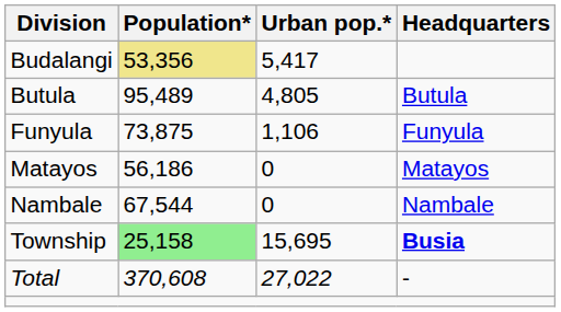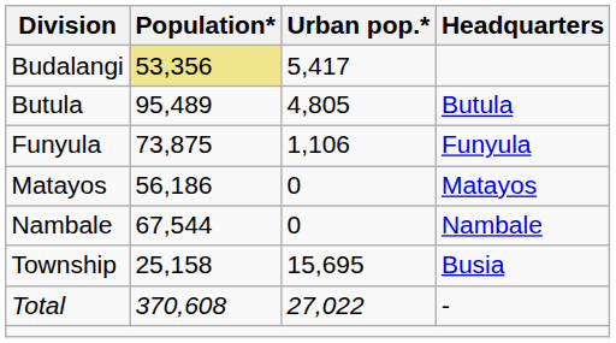 <table class="wikitable">
 <tr>
 <th>Division</th>
 <th>Population*</th>
 <th>Urban pop.*</th>
 <th>Headquarters</th>
 </tr>
 <tr>
 <td>Budalangi</td>
 <td style="background: khaki;">53,356</td>
 <td>5,417</td>
 <td></td>
 </tr>
 <tr>
 <td>Butula</td>
 <td>95,489</td>
 <td>4,805</td>
 <td><a href='#'>Butula</a></td>
 </tr>
 <tr>
 <td>Funyula</td>
 <td>73,875</td>
 <td>1,106</td>
 <td><a href='#'>Funyula</a></td>
 </tr>
 <tr>
 <td>Matayos</td>
 <td>56,186</td>
 <td>0</td>
 <td><a href='#'>Matayos</a></td>
 </tr>
 <tr>
 <td>Nambale</td>
 <td>67,544</td>
 <td>0</td>
 <td><a href='#'>Nambale</a></td>
 </tr>
 <tr>
 <td>Township</td>
-<td style="background: lightgreen;">25,158</td>
+<td>25,158</td>
 <td>15,695</td>
-<td><strong><a href='#'>Busia</a></strong></td>
+<td><a href='#'>Busia</a></td>
 </tr>
 <tr>
 <td><em>Total</em></td>
 <td><em>370,608</em></td>
 <td><em>27,022</em></td>
 <td>-</td>
 </tr>
 <tr>
 <td colspan="4"></td>
 </tr>
 </table>
